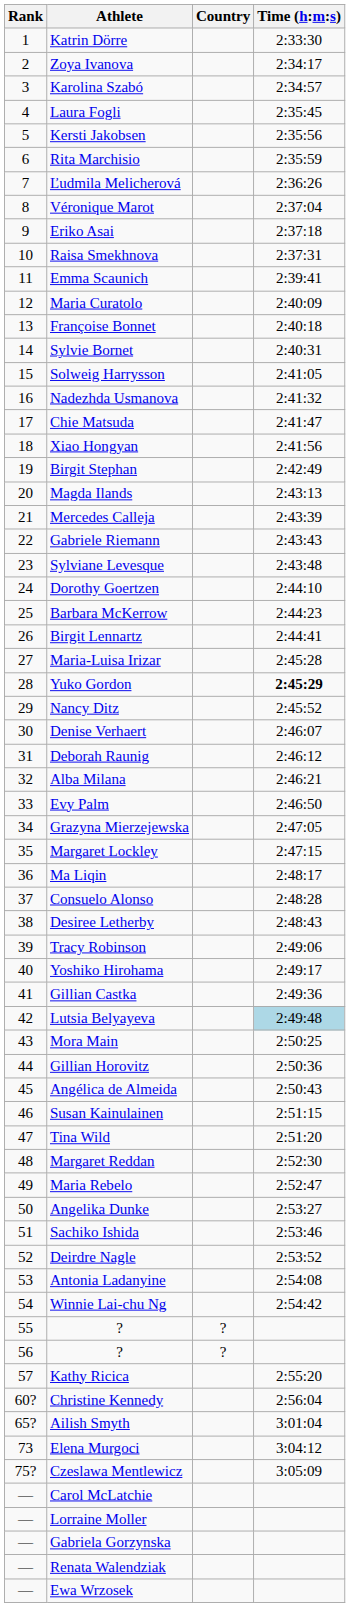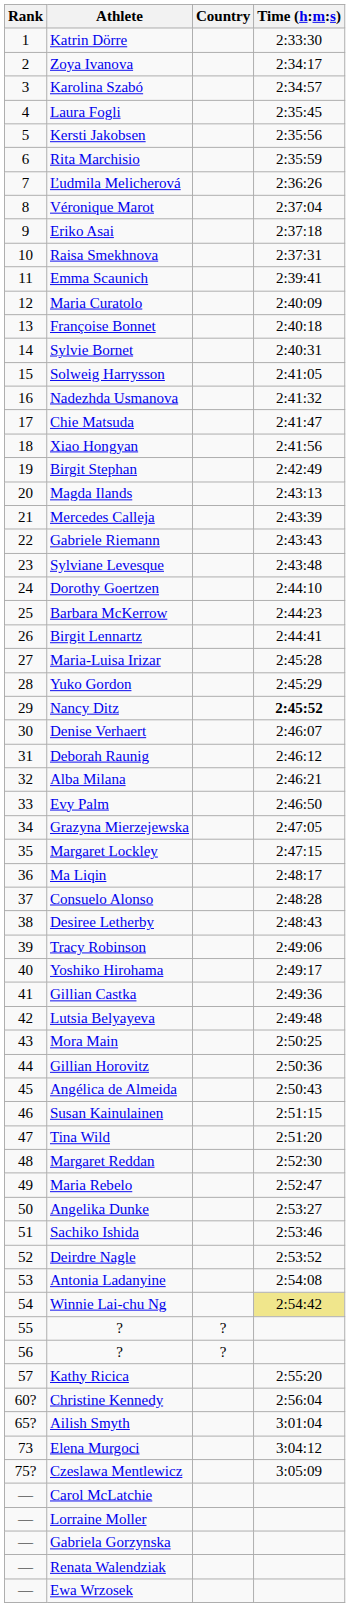 <table class="wikitable sortable" style="text-align:center;">
 <tr>
 <th>Rank</th>
 <th>Athlete</th>
 <th>Country</th>
 <th>Time (<a href='#'>h</a>:<a href='#'>m</a>:<a href='#'>s</a>)</th>
 </tr>
 <tr>
 <td>1</td>
 <td align=left><a href='#'>Katrin Dörre</a></td>
 <td align=left></td>
 <td>2:33:30</td>
 </tr>
 <tr>
 <td>2</td>
 <td align=left><a href='#'>Zoya Ivanova</a></td>
 <td align=left></td>
 <td>2:34:17</td>
 </tr>
 <tr>
 <td>3</td>
 <td align=left><a href='#'>Karolina Szabó</a></td>
 <td align=left></td>
 <td>2:34:57</td>
 </tr>
 <tr>
 <td>4</td>
 <td align=left><a href='#'>Laura Fogli</a></td>
 <td align=left></td>
 <td>2:35:45</td>
 </tr>
 <tr>
 <td>5</td>
 <td align=left><a href='#'>Kersti Jakobsen</a></td>
 <td align=left></td>
 <td>2:35:56</td>
 </tr>
 <tr>
 <td>6</td>
 <td align=left><a href='#'>Rita Marchisio</a></td>
 <td align=left></td>
 <td>2:35:59</td>
 </tr>
 <tr>
 <td>7</td>
 <td align=left><a href='#'>Ľudmila Melicherová</a></td>
 <td align=left></td>
 <td>2:36:26</td>
 </tr>
 <tr>
 <td>8</td>
 <td align=left><a href='#'>Véronique Marot</a></td>
 <td align=left></td>
 <td>2:37:04</td>
 </tr>
 <tr>
 <td>9</td>
 <td align=left><a href='#'>Eriko Asai</a></td>
 <td align=left></td>
 <td>2:37:18</td>
 </tr>
 <tr>
 <td>10</td>
 <td align=left><a href='#'>Raisa Smekhnova</a></td>
 <td align=left></td>
 <td>2:37:31</td>
 </tr>
 <tr>
 <td>11</td>
 <td align=left><a href='#'>Emma Scaunich</a></td>
 <td align=left></td>
 <td>2:39:41</td>
 </tr>
 <tr>
 <td>12</td>
 <td align=left><a href='#'>Maria Curatolo</a></td>
 <td align=left></td>
 <td>2:40:09</td>
 </tr>
 <tr>
 <td>13</td>
 <td align=left><a href='#'>Françoise Bonnet</a></td>
 <td align=left></td>
 <td>2:40:18</td>
 </tr>
 <tr>
 <td>14</td>
 <td align=left><a href='#'>Sylvie Bornet</a></td>
 <td align=left></td>
 <td>2:40:31</td>
 </tr>
 <tr>
 <td>15</td>
 <td align=left><a href='#'>Solweig Harrysson</a></td>
 <td align=left></td>
 <td>2:41:05</td>
 </tr>
 <tr>
 <td>16</td>
 <td align=left><a href='#'>Nadezhda Usmanova</a></td>
 <td align=left></td>
 <td>2:41:32</td>
 </tr>
 <tr>
 <td>17</td>
 <td align=left><a href='#'>Chie Matsuda</a></td>
 <td align=left></td>
 <td>2:41:47</td>
 </tr>
 <tr>
 <td>18</td>
 <td align=left><a href='#'>Xiao Hongyan</a></td>
 <td align=left></td>
 <td>2:41:56</td>
 </tr>
 <tr>
 <td>19</td>
 <td align=left><a href='#'>Birgit Stephan</a></td>
 <td align=left></td>
 <td>2:42:49</td>
 </tr>
 <tr>
 <td>20</td>
 <td align=left><a href='#'>Magda Ilands</a></td>
 <td align=left></td>
 <td>2:43:13</td>
 </tr>
 <tr>
 <td>21</td>
 <td align=left><a href='#'>Mercedes Calleja</a></td>
 <td align=left></td>
 <td>2:43:39</td>
 </tr>
 <tr>
 <td>22</td>
 <td align=left><a href='#'>Gabriele Riemann</a></td>
 <td align=left></td>
 <td>2:43:43</td>
 </tr>
 <tr>
 <td>23</td>
 <td align=left><a href='#'>Sylviane Levesque</a></td>
 <td align=left></td>
 <td>2:43:48</td>
 </tr>
 <tr>
 <td>24</td>
 <td align=left><a href='#'>Dorothy Goertzen</a></td>
 <td align=left></td>
 <td>2:44:10</td>
 </tr>
 <tr>
 <td>25</td>
 <td align=left><a href='#'>Barbara McKerrow</a></td>
 <td align=left></td>
 <td>2:44:23</td>
 </tr>
 <tr>
 <td>26</td>
 <td align=left><a href='#'>Birgit Lennartz</a></td>
 <td align=left></td>
 <td>2:44:41</td>
 </tr>
 <tr>
 <td>27</td>
 <td align=left><a href='#'>Maria-Luisa Irizar</a></td>
 <td align=left></td>
 <td>2:45:28</td>
 </tr>
 <tr>
 <td>28</td>
 <td align=left><a href='#'>Yuko Gordon</a></td>
 <td align=left></td>
-<td><strong>2:45:29</strong></td>
+<td>2:45:29</td>
 </tr>
 <tr>
 <td>29</td>
 <td align=left><a href='#'>Nancy Ditz</a></td>
 <td align=left></td>
-<td>2:45:52</td>
+<td><strong>2:45:52</strong></td>
 </tr>
 <tr>
 <td>30</td>
 <td align=left><a href='#'>Denise Verhaert</a></td>
 <td align=left></td>
 <td>2:46:07</td>
 </tr>
 <tr>
 <td>31</td>
 <td align=left><a href='#'>Deborah Raunig</a></td>
 <td align=left></td>
 <td>2:46:12</td>
 </tr>
 <tr>
 <td>32</td>
 <td align=left><a href='#'>Alba Milana</a></td>
 <td align=left></td>
 <td>2:46:21</td>
 </tr>
 <tr>
 <td>33</td>
 <td align=left><a href='#'>Evy Palm</a></td>
 <td align=left></td>
 <td>2:46:50</td>
 </tr>
 <tr>
 <td>34</td>
 <td align=left><a href='#'>Grazyna Mierzejewska</a></td>
 <td align=left></td>
 <td>2:47:05</td>
 </tr>
 <tr>
 <td>35</td>
 <td align=left><a href='#'>Margaret Lockley</a></td>
 <td align=left></td>
 <td>2:47:15</td>
 </tr>
 <tr>
 <td>36</td>
 <td align=left><a href='#'>Ma Liqin</a></td>
 <td align=left></td>
 <td>2:48:17</td>
 </tr>
 <tr>
 <td>37</td>
 <td align=left><a href='#'>Consuelo Alonso</a></td>
 <td align=left></td>
 <td>2:48:28</td>
 </tr>
 <tr>
 <td>38</td>
 <td align=left><a href='#'>Desiree Letherby</a></td>
 <td align=left></td>
 <td>2:48:43</td>
 </tr>
 <tr>
 <td>39</td>
 <td align=left><a href='#'>Tracy Robinson</a></td>
 <td align=left></td>
 <td>2:49:06</td>
 </tr>
 <tr>
 <td>40</td>
 <td align=left><a href='#'>Yoshiko Hirohama</a></td>
 <td align=left></td>
 <td>2:49:17</td>
 </tr>
 <tr>
 <td>41</td>
 <td align=left><a href='#'>Gillian Castka</a></td>
 <td align=left></td>
 <td>2:49:36</td>
 </tr>
 <tr>
 <td>42</td>
 <td align=left><a href='#'>Lutsia Belyayeva</a></td>
 <td align=left></td>
-<td style="background: lightblue;">2:49:48</td>
+<td>2:49:48</td>
 </tr>
 <tr>
 <td>43</td>
 <td align=left><a href='#'>Mora Main</a></td>
 <td align=left></td>
 <td>2:50:25</td>
 </tr>
 <tr>
 <td>44</td>
 <td align=left><a href='#'>Gillian Horovitz</a></td>
 <td align=left></td>
 <td>2:50:36</td>
 </tr>
 <tr>
 <td>45</td>
 <td align=left><a href='#'>Angélica de Almeida</a></td>
 <td align=left></td>
 <td>2:50:43</td>
 </tr>
 <tr>
 <td>46</td>
 <td align=left><a href='#'>Susan Kainulainen</a></td>
 <td align=left></td>
 <td>2:51:15</td>
 </tr>
 <tr>
 <td>47</td>
 <td align=left><a href='#'>Tina Wild</a></td>
 <td align=left></td>
 <td>2:51:20</td>
 </tr>
 <tr>
 <td>48</td>
 <td align=left><a href='#'>Margaret Reddan</a></td>
 <td align=left></td>
 <td>2:52:30</td>
 </tr>
 <tr>
 <td>49</td>
 <td align=left><a href='#'>Maria Rebelo</a></td>
 <td align=left></td>
 <td>2:52:47</td>
 </tr>
 <tr>
 <td>50</td>
 <td align=left><a href='#'>Angelika Dunke</a></td>
 <td align=left></td>
 <td>2:53:27</td>
 </tr>
 <tr>
 <td>51</td>
 <td align=left><a href='#'>Sachiko Ishida</a></td>
 <td align=left></td>
 <td>2:53:46</td>
 </tr>
 <tr>
 <td>52</td>
 <td align=left><a href='#'>Deirdre Nagle</a></td>
 <td align=left></td>
 <td>2:53:52</td>
 </tr>
 <tr>
 <td>53</td>
 <td align=left><a href='#'>Antonia Ladanyine</a></td>
 <td align=left></td>
 <td>2:54:08</td>
 </tr>
 <tr>
 <td>54</td>
 <td align=left><a href='#'>Winnie Lai-chu Ng</a></td>
 <td align=left></td>
-<td>2:54:42</td>
+<td style="background: khaki;">2:54:42</td>
 </tr>
 <tr>
 <td>55</td>
 <td>?</td>
 <td>?</td>
 <td></td>
 </tr>
 <tr>
 <td>56</td>
 <td>?</td>
 <td>?</td>
 <td></td>
 </tr>
 <tr>
 <td>57</td>
 <td align=left><a href='#'>Kathy Ricica</a></td>
 <td align=left></td>
 <td>2:55:20</td>
 </tr>
 <tr>
 <td>60?</td>
 <td align=left><a href='#'>Christine Kennedy</a></td>
 <td align=left></td>
 <td>2:56:04</td>
 </tr>
 <tr>
 <td>65?</td>
 <td align=left><a href='#'>Ailish Smyth</a></td>
 <td align=left></td>
 <td>3:01:04</td>
 </tr>
 <tr>
 <td>73</td>
 <td align=left><a href='#'>Elena Murgoci</a></td>
 <td align=left></td>
 <td>3:04:12</td>
 </tr>
 <tr>
 <td>75?</td>
 <td align=left><a href='#'>Czeslawa Mentlewicz</a></td>
 <td align=left></td>
 <td>3:05:09</td>
 </tr>
 <tr>
 <td>—</td>
 <td align=left><a href='#'>Carol McLatchie</a></td>
 <td align=left></td>
 <td></td>
 </tr>
 <tr>
 <td>—</td>
 <td align=left><a href='#'>Lorraine Moller</a></td>
 <td align=left></td>
 <td></td>
 </tr>
 <tr>
 <td>—</td>
 <td align=left><a href='#'>Gabriela Gorzynska</a></td>
 <td align=left></td>
 <td></td>
 </tr>
 <tr>
 <td>—</td>
 <td align=left><a href='#'>Renata Walendziak</a></td>
 <td align=left></td>
 <td></td>
 </tr>
 <tr>
 <td>—</td>
 <td align=left><a href='#'>Ewa Wrzosek</a></td>
 <td align=left></td>
 <td></td>
 </tr>
 </table>
